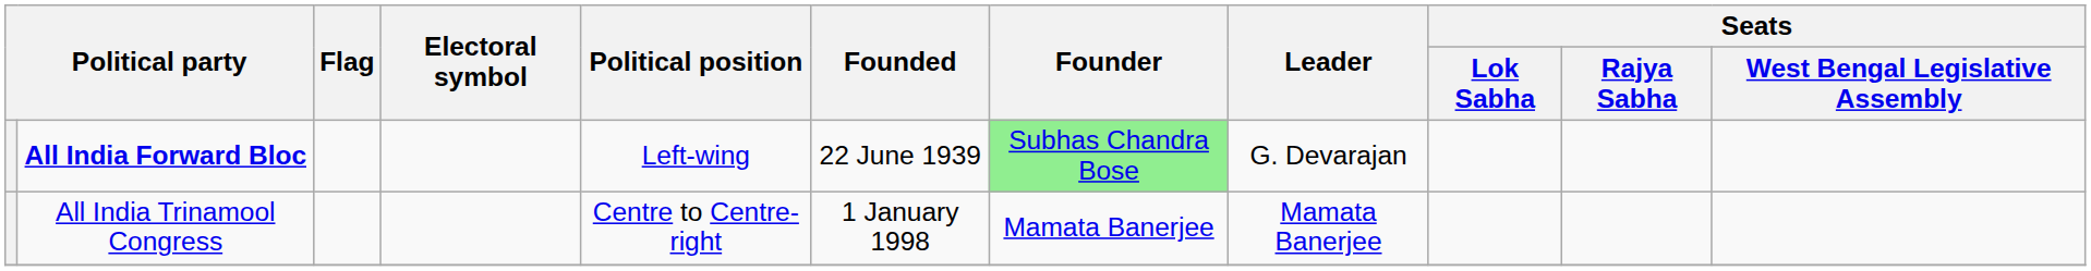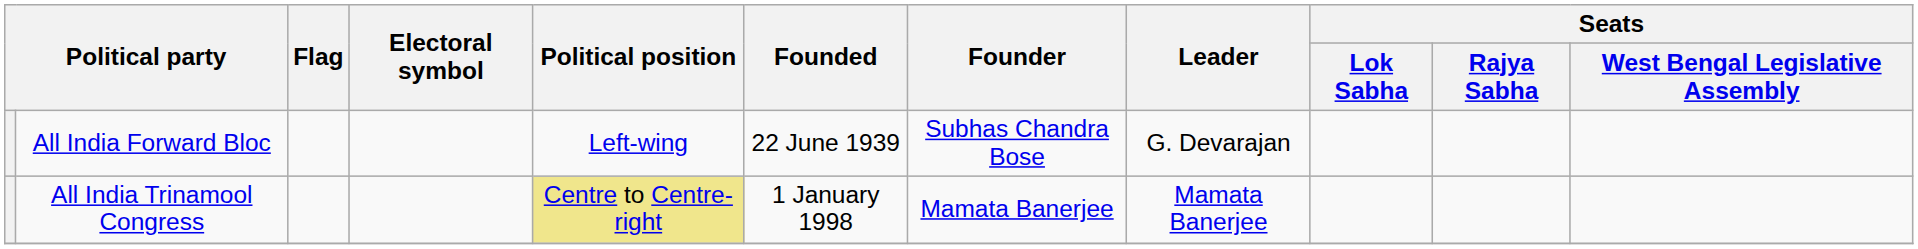 <table class="wikitable sortable" style="text-align:center;">
 <tr>
 <th colspan=2 rowspan=2>Political party</th>
 <th rowspan=2>Flag</th>
 <th rowspan=2>Electoral symbol</th>
 <th rowspan=2>Political position</th>
 <th rowspan=2>Founded</th>
 <th rowspan=2>Founder</th>
 <th rowspan=2>Leader</th>
 <th colspan=4>Seats</th>
 </tr>
 <tr>
 <th><a href='#'>Lok Sabha</a></th>
 <th><a href='#'>Rajya Sabha</a></th>
 <th><a href='#'>West Bengal Legislative Assembly</a></th>
 </tr>
 <tr>
 <th style="background-color:"></th>
-<td><strong><a href='#'>All India Forward Bloc</a></strong></td>
+<td><a href='#'>All India Forward Bloc</a></td>
 <td></td>
 <td></td>
 <td><a href='#'>Left-wing</a></td>
 <td>22 June 1939</td>
-<td style="background: lightgreen;"><a href='#'>Subhas Chandra Bose</a></td>
+<td><a href='#'>Subhas Chandra Bose</a></td>
 <td>G. Devarajan</td>
 <td></td>
 <td></td>
 <td></td>
 </tr>
 <tr>
 <th style="background-color:"></th>
 <td><a href='#'>All India Trinamool Congress</a></td>
 <td></td>
 <td></td>
-<td><a href='#'>Centre</a> to <a href='#'>Centre-right</a></td>
+<td style="background: khaki;"><a href='#'>Centre</a> to <a href='#'>Centre-right</a></td>
 <td>1 January 1998</td>
 <td><a href='#'>Mamata Banerjee</a></td>
 <td><a href='#'>Mamata Banerjee</a></td>
 <td></td>
 <td></td>
 <td></td>
 </tr>
 <tr>
 </tr>
 </table>
